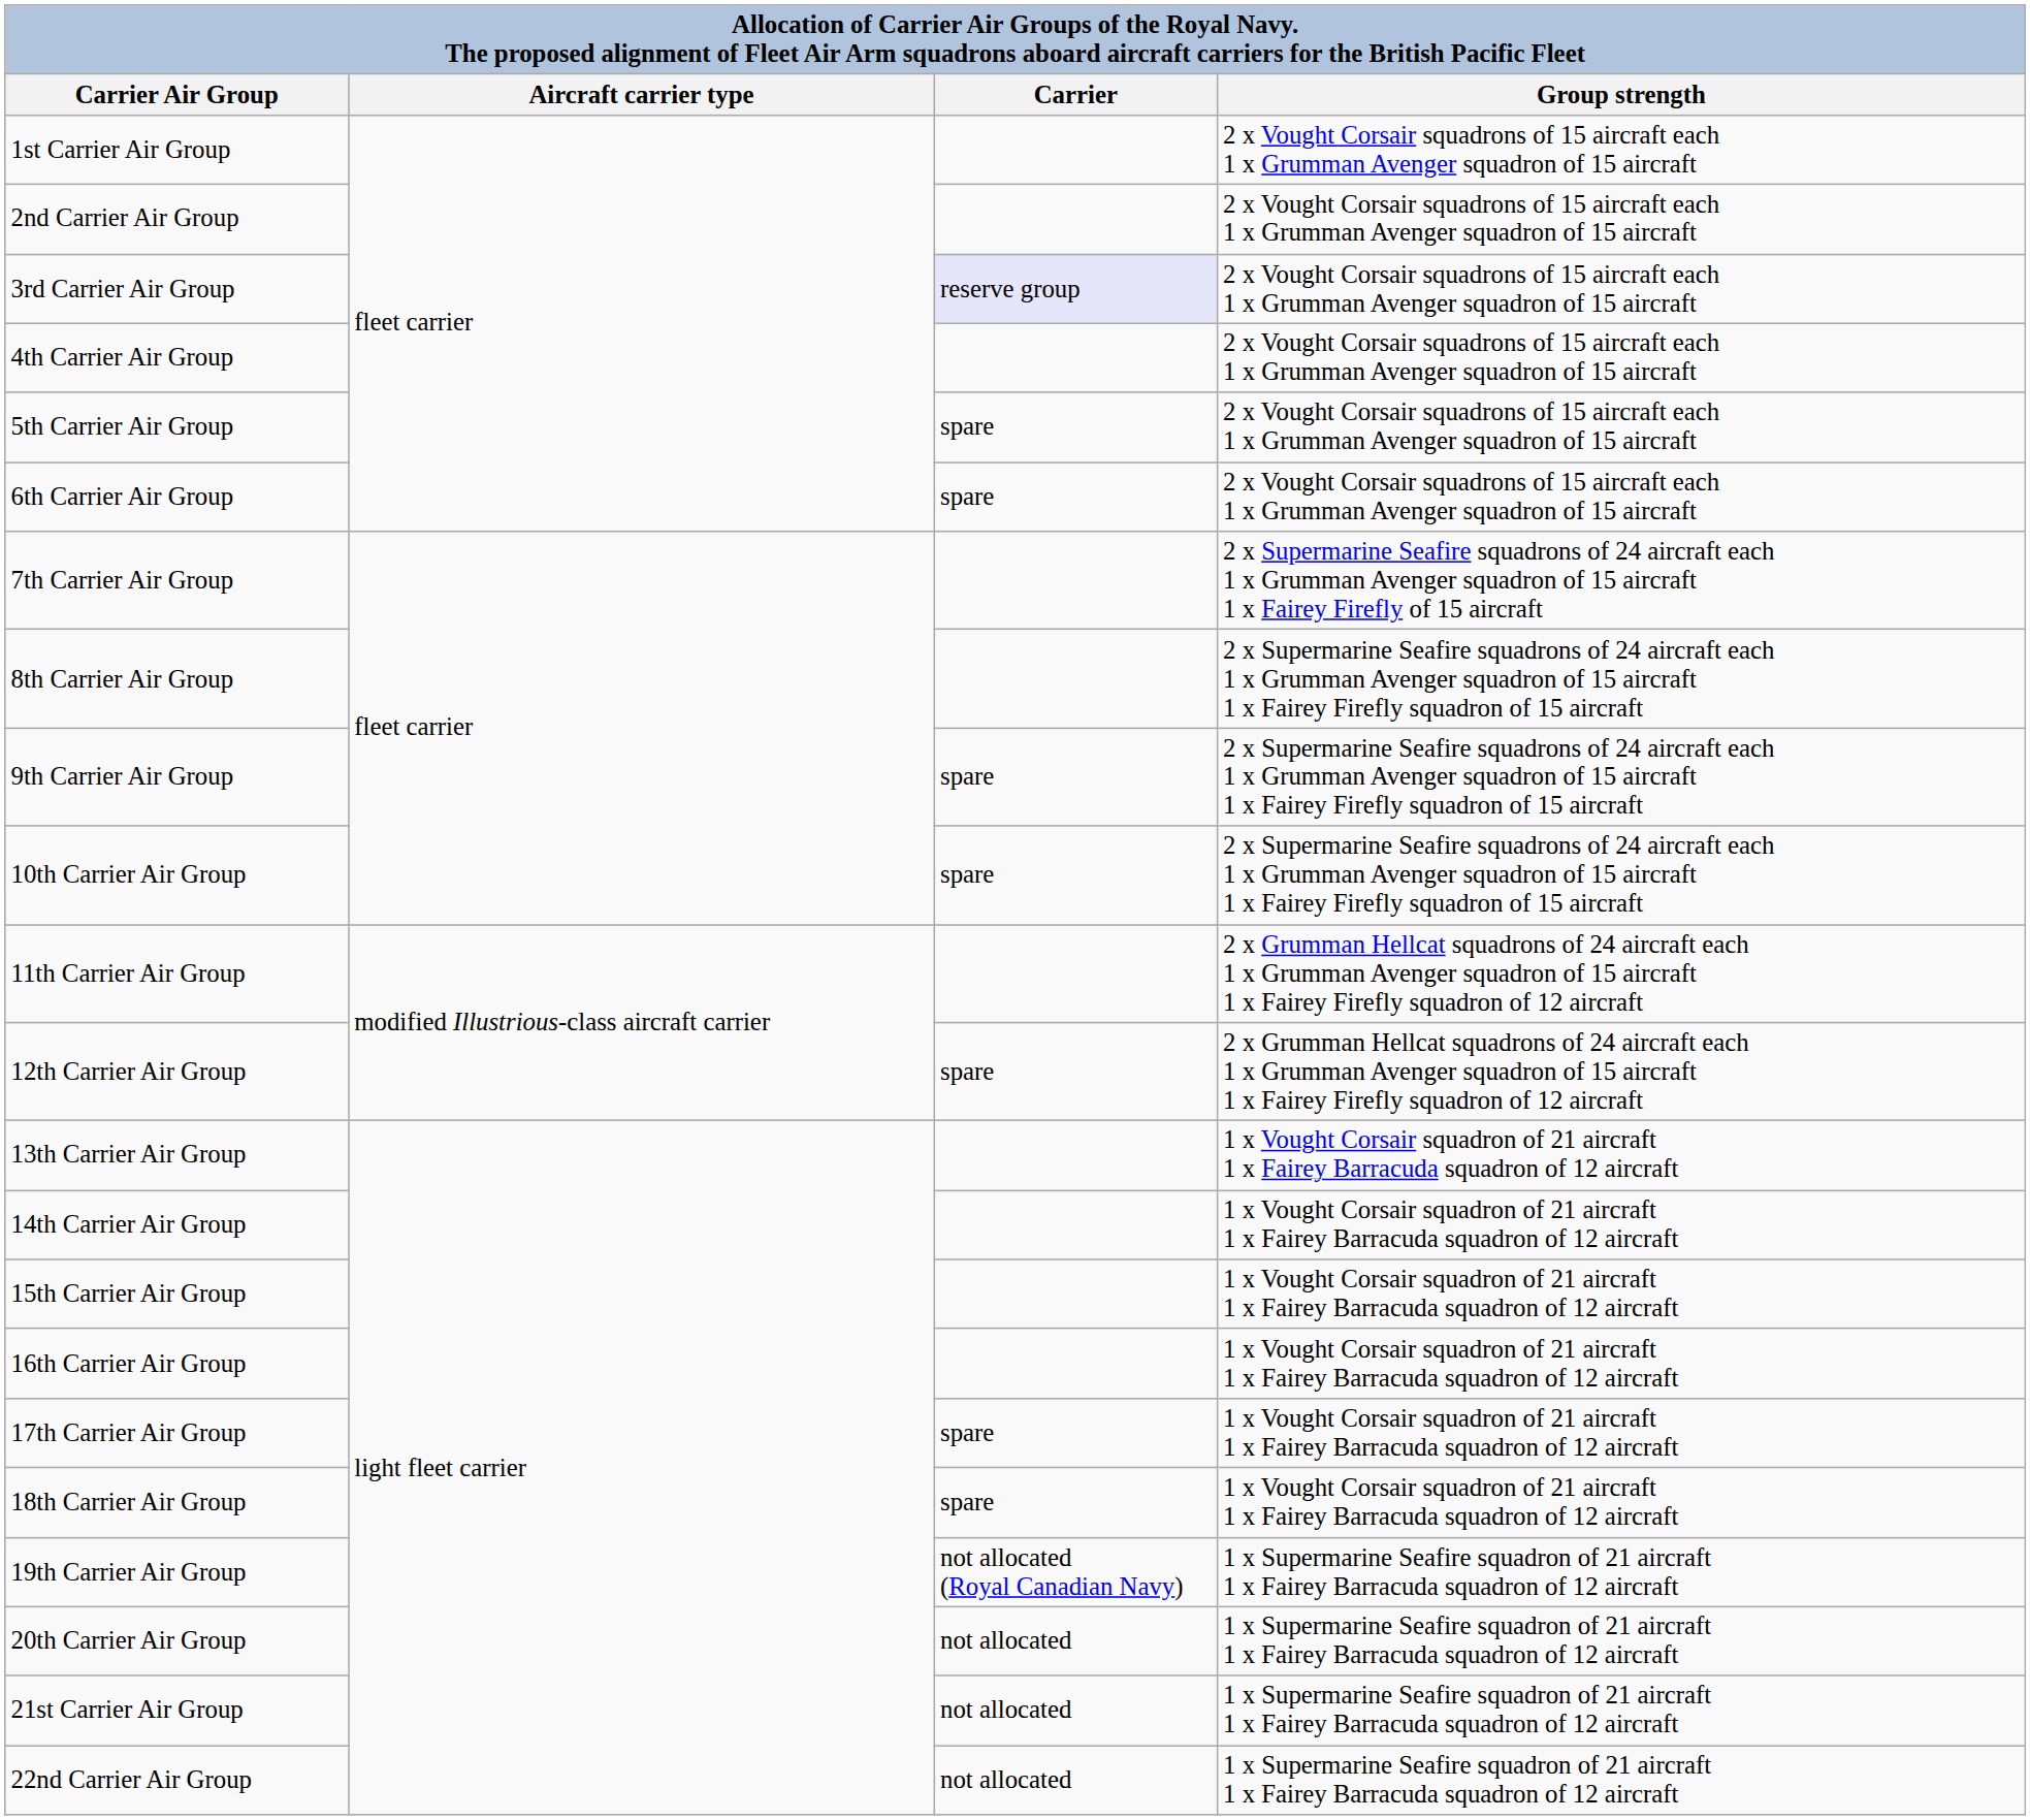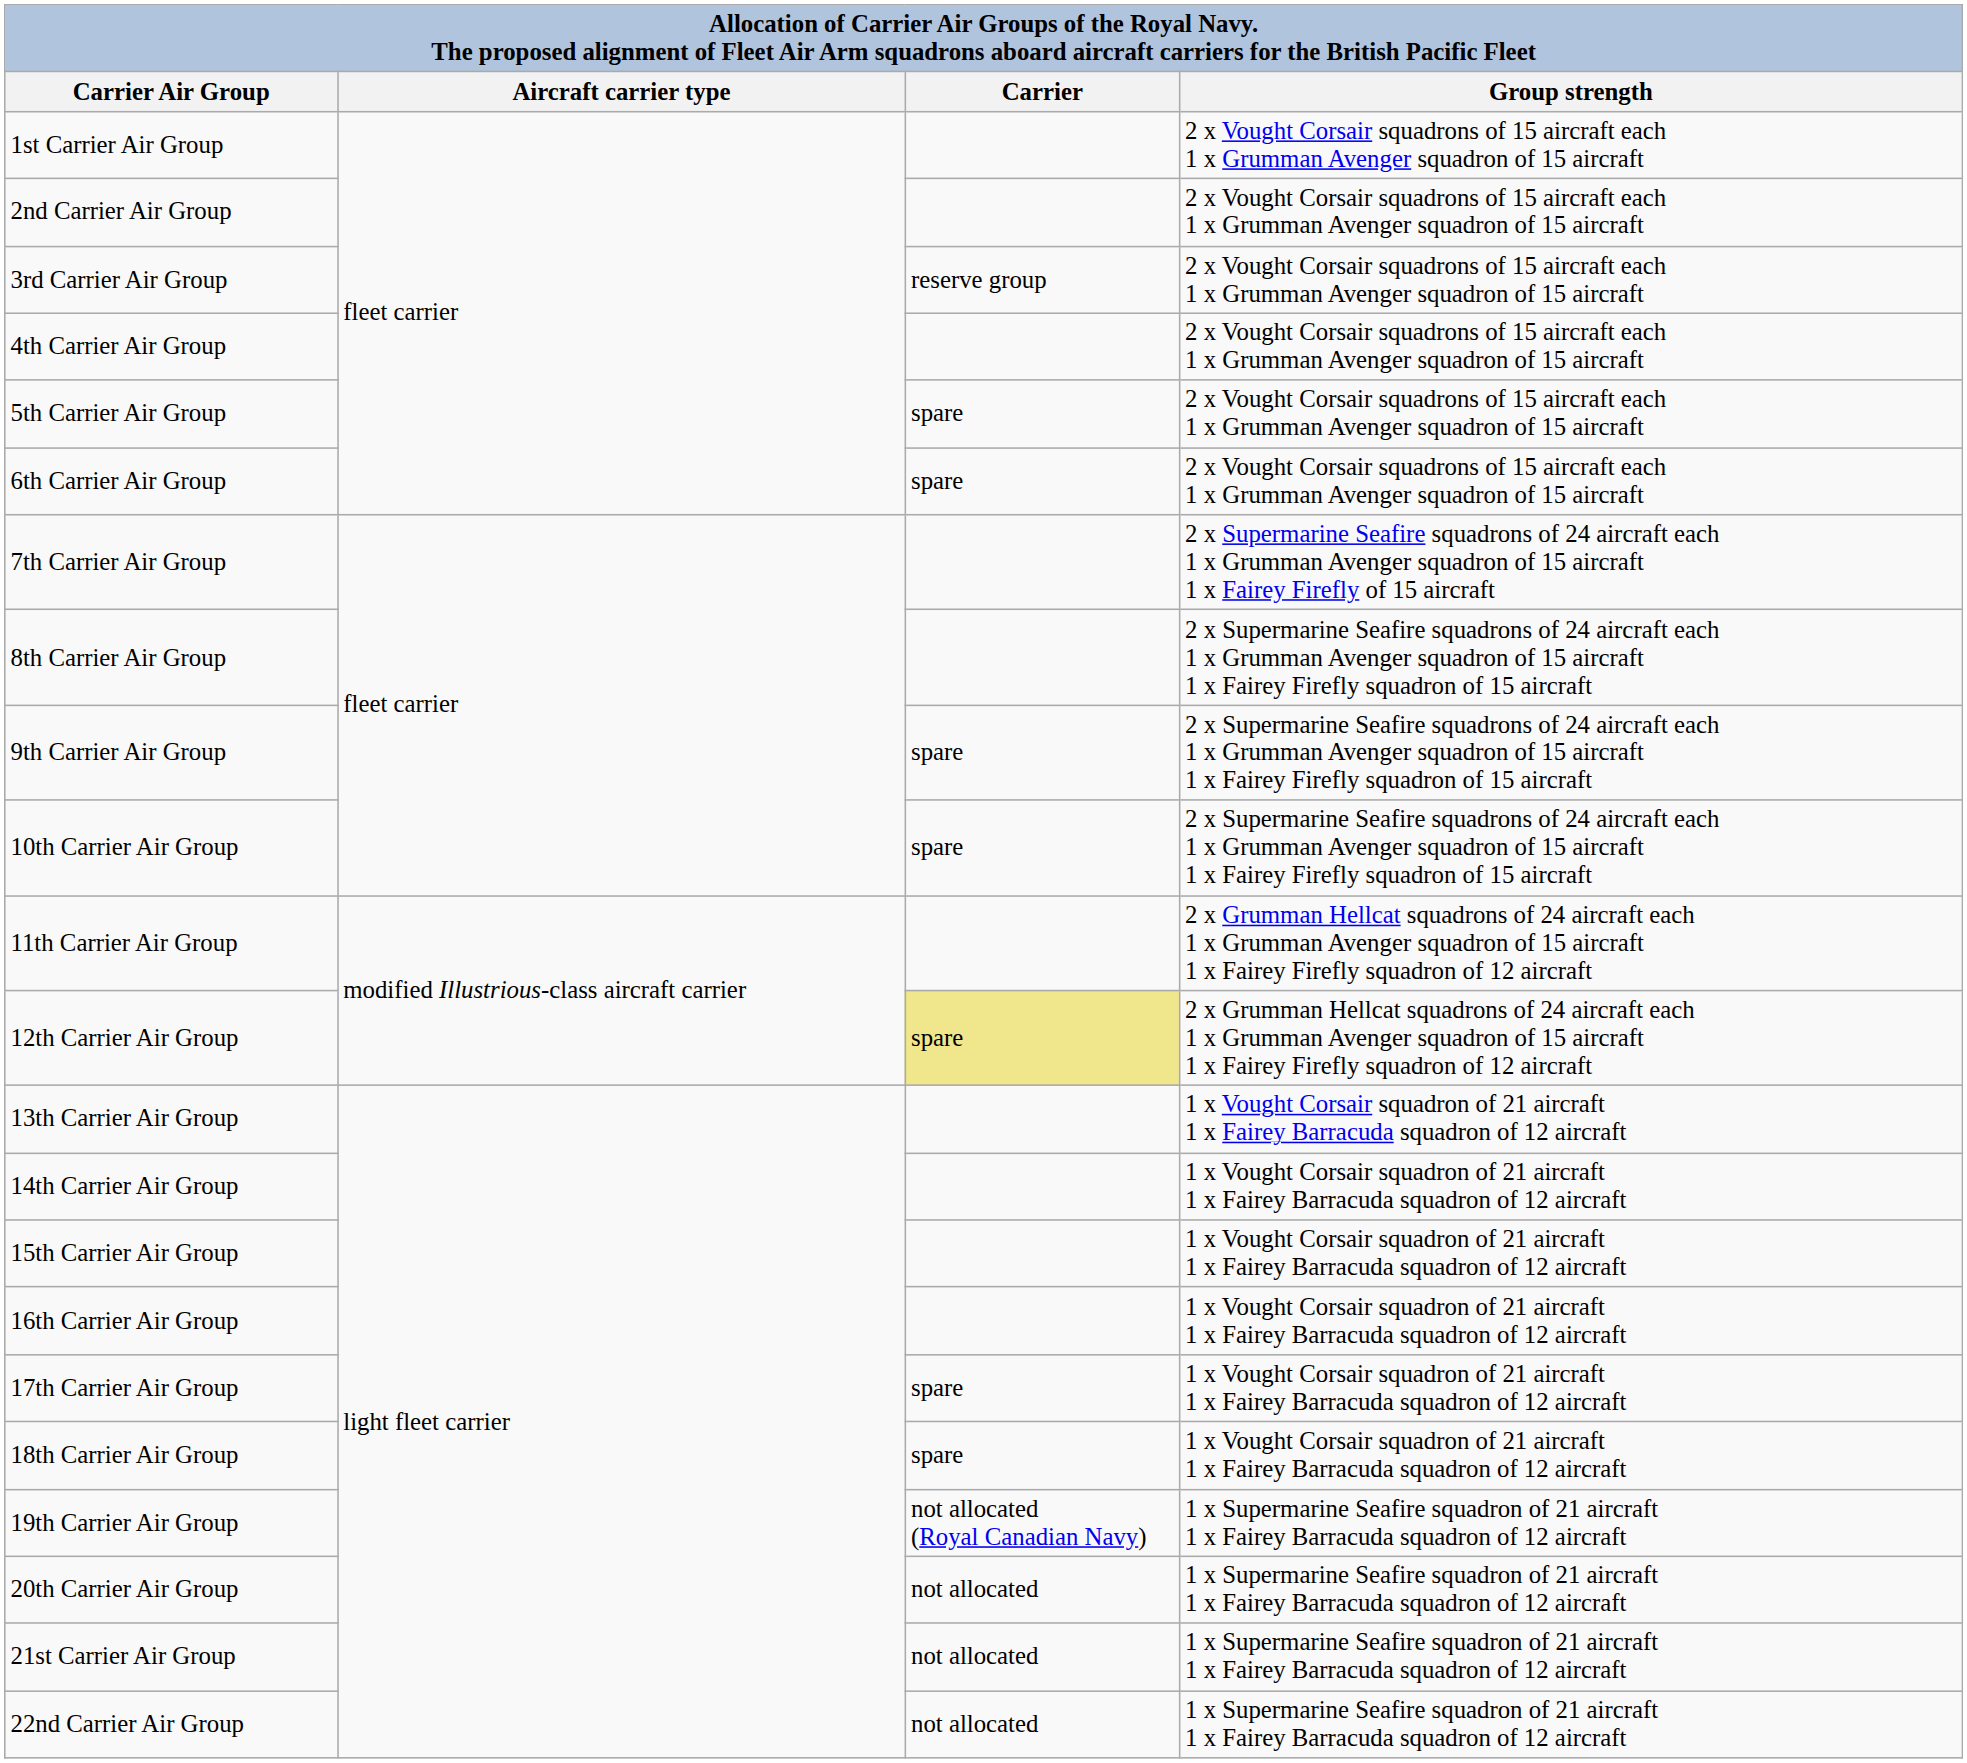 <table class="wikitable" style="margin:auto; width:100%;">
 <tr>
 <th style="align: center; background:#B0C4DE;" colspan=5>Allocation of Carrier Air Groups of the Royal Navy.<br> The proposed alignment of Fleet Air Arm squadrons aboard aircraft carriers for the British Pacific Fleet</th>
 </tr>
 <tr>
 <th style="text-align:center; width:17%;">Carrier Air Group</th>
 <th style="text-align:center; width:29%;">Aircraft carrier type</th>
 <th style="text-align:center; width:14%;">Carrier</th>
 <th style="text-align:centre; width:40%;">Group strength</th>
 </tr>
 <tr>
 <td>1st Carrier Air Group</td>
 <td rowspan="6"> fleet carrier</td>
 <td></td>
 <td>2 x <a href='#'> Vought Corsair</a> squadrons of 15 aircraft each<br>1 x <a href='#'>Grumman Avenger</a> squadron of 15 aircraft</td>
 </tr>
 <tr>
 <td>2nd Carrier Air Group</td>
 <td></td>
 <td>2 x Vought Corsair squadrons of 15 aircraft each<br>1 x Grumman Avenger squadron of 15 aircraft</td>
 </tr>
 <tr>
 <td>3rd Carrier Air Group</td>
-<td style="background: lavender;">reserve group</td>
+<td>reserve group</td>
 <td>2 x Vought Corsair squadrons of 15 aircraft each<br>1 x Grumman Avenger squadron of 15 aircraft</td>
 </tr>
 <tr>
 <td>4th Carrier Air Group</td>
 <td></td>
 <td>2 x Vought Corsair squadrons of 15 aircraft each<br>1 x Grumman Avenger squadron of 15 aircraft</td>
 </tr>
 <tr>
 <td>5th Carrier Air Group</td>
 <td>spare</td>
 <td>2 x Vought Corsair squadrons of 15 aircraft each<br>1 x Grumman Avenger squadron of 15 aircraft</td>
 </tr>
 <tr>
 <td>6th Carrier Air Group</td>
 <td>spare</td>
 <td>2 x Vought Corsair squadrons of 15 aircraft each<br>1 x Grumman Avenger squadron of 15 aircraft</td>
 </tr>
 <tr>
 <td>7th Carrier Air Group</td>
 <td rowspan="4"> fleet carrier</td>
 <td></td>
 <td>2 x <a href='#'>Supermarine Seafire</a> squadrons of 24 aircraft each<br>1 x Grumman Avenger squadron of 15 aircraft<br>1 x <a href='#'>Fairey Firefly</a> of 15 aircraft</td>
 </tr>
 <tr>
 <td>8th Carrier Air Group</td>
 <td></td>
 <td>2 x Supermarine Seafire squadrons of 24 aircraft each<br>1 x Grumman Avenger squadron of 15 aircraft<br>1 x Fairey Firefly squadron of 15 aircraft</td>
 </tr>
 <tr>
 <td>9th Carrier Air Group</td>
 <td>spare</td>
 <td>2 x Supermarine Seafire squadrons of 24 aircraft each<br>1 x Grumman Avenger squadron of 15 aircraft<br>1 x Fairey Firefly squadron of 15 aircraft</td>
 </tr>
 <tr>
 <td>10th Carrier Air Group</td>
 <td>spare</td>
 <td>2 x Supermarine Seafire squadrons of 24 aircraft each<br>1 x Grumman Avenger squadron of 15 aircraft<br>1 x Fairey Firefly squadron of 15 aircraft</td>
 </tr>
 <tr>
 <td>11th Carrier Air Group</td>
 <td rowspan="2">modified <em>Illustrious</em>-class aircraft carrier</td>
 <td></td>
 <td>2 x <a href='#'>Grumman Hellcat</a> squadrons of 24 aircraft each<br>1 x Grumman Avenger squadron of 15 aircraft<br>1 x Fairey Firefly squadron of 12 aircraft</td>
 </tr>
 <tr>
 <td>12th Carrier Air Group</td>
-<td>spare</td>
+<td style="background: khaki;">spare</td>
 <td>2 x Grumman Hellcat squadrons of 24 aircraft each<br>1 x Grumman Avenger squadron of 15 aircraft<br>1 x Fairey Firefly squadron of 12 aircraft</td>
 </tr>
 <tr>
 <td>13th Carrier Air Group</td>
 <td rowspan="10"> light fleet carrier</td>
 <td></td>
 <td>1 x <a href='#'>Vought Corsair</a> squadron of 21 aircraft<br>1 x <a href='#'>Fairey Barracuda</a> squadron of 12 aircraft</td>
 </tr>
 <tr>
 <td>14th Carrier Air Group</td>
 <td></td>
 <td>1 x Vought Corsair squadron of 21 aircraft<br>1 x Fairey Barracuda squadron of 12 aircraft</td>
 </tr>
 <tr>
 <td>15th Carrier Air Group</td>
 <td></td>
 <td>1 x Vought Corsair squadron of 21 aircraft<br>1 x Fairey Barracuda squadron of 12 aircraft</td>
 </tr>
 <tr>
 <td>16th Carrier Air Group</td>
 <td></td>
 <td>1 x Vought Corsair squadron of 21 aircraft<br>1 x Fairey Barracuda squadron of 12 aircraft</td>
 </tr>
 <tr>
 <td>17th Carrier Air Group</td>
 <td>spare</td>
 <td>1 x Vought Corsair squadron of 21 aircraft<br>1 x Fairey Barracuda squadron of 12 aircraft</td>
 </tr>
 <tr>
 <td>18th Carrier Air Group</td>
 <td>spare</td>
 <td>1 x Vought Corsair squadron of 21 aircraft<br>1 x Fairey Barracuda squadron of 12 aircraft</td>
 </tr>
 <tr>
 <td>19th Carrier Air Group</td>
 <td>not allocated<br>(<a href='#'>Royal Canadian Navy</a>)</td>
 <td>1 x Supermarine Seafire squadron of 21 aircraft<br>1 x Fairey Barracuda squadron of 12 aircraft</td>
 </tr>
 <tr>
 <td>20th Carrier Air Group</td>
 <td>not allocated</td>
 <td>1 x Supermarine Seafire squadron of 21 aircraft<br>1 x Fairey Barracuda squadron of 12 aircraft</td>
 </tr>
 <tr>
 <td>21st Carrier Air Group</td>
 <td>not allocated</td>
 <td>1 x Supermarine Seafire squadron of 21 aircraft<br>1 x Fairey Barracuda squadron of 12 aircraft</td>
 </tr>
 <tr>
 <td>22nd Carrier Air Group</td>
 <td>not allocated</td>
 <td>1 x Supermarine Seafire squadron of 21 aircraft<br>1 x Fairey Barracuda squadron of 12 aircraft</td>
 </tr>
 </table>
